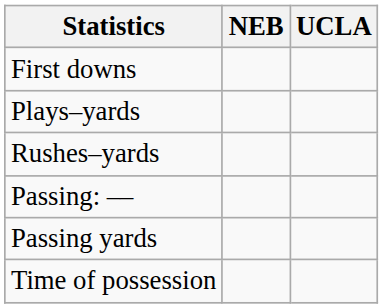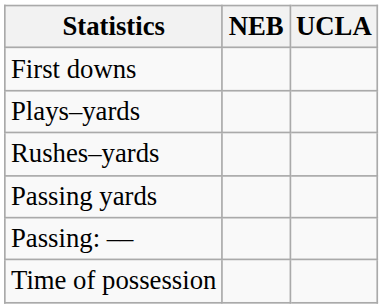 <table class="wikitable" style="float:left">
 <tr>
 <th>Statistics</th>
 <th>NEB</th>
 <th>UCLA</th>
 </tr>
 <tr>
 <td>First downs</td>
 <td></td>
 <td></td>
 </tr>
 <tr>
 <td>Plays–yards</td>
 <td></td>
 <td></td>
 </tr>
 <tr>
 <td>Rushes–yards</td>
 <td></td>
 <td></td>
 </tr>
 <tr>
-<td>Passing: ––</td>
+<td>Passing yards</td>
 <td></td>
 <td></td>
 </tr>
 <tr>
-<td>Passing yards</td>
+<td>Passing: ––</td>
 <td></td>
 <td></td>
 </tr>
 <tr>
 <td>Time of possession</td>
 <td></td>
 <td></td>
 </tr>
 </table>
